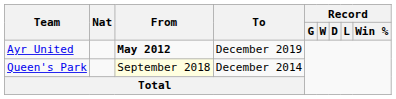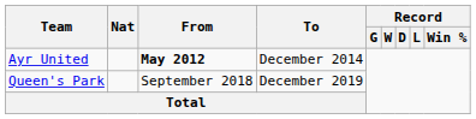 <table class="wikitable" style="text-align: center">
 <tr>
 <th rowspan="2">Team</th>
 <th rowspan="2">Nat</th>
 <th rowspan="2">From</th>
 <th rowspan="2">To</th>
 <th colspan="5">Record</th>
 </tr>
 <tr>
 <th>G</th>
 <th>W</th>
 <th>D</th>
 <th>L</th>
 <th>Win %</th>
 </tr>
 <tr>
 <td align=left><a href='#'>Ayr United</a></td>
 <td></td>
 <td align=left><strong>May 2012</strong></td>
-<td align=left>December 2019<br></td>
+<td align=left>December 2014<br></td>
 </tr>
 <tr>
 <td align=left><a href='#'>Queen's Park</a></td>
 <td></td>
-<td align=left style="background: lightyellow;">September 2018</td>
-<td align=left>December 2014<br></td>
+<td align=left>September 2018</td>
+<td align=left>December 2019<br></td>
 </tr>
 <tr>
 <th colspan=4>Total<br></th>
 </tr>
 </table>
